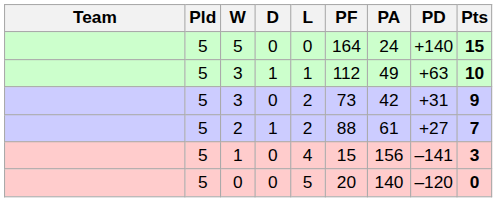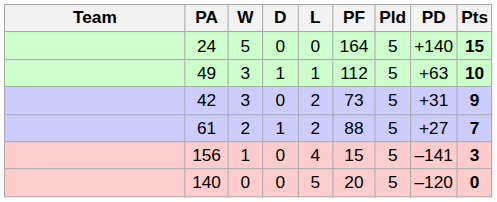 <table class="wikitable" style="text-align:center;">
 <tr>
 <th width=160>Team</th>
-<th width=25 abbr="Played">Pld</th>
+<th width=32 abbr="Points against">PA</th>
 <th width=25 abbr="Won">W</th>
 <th width=25 abbr="Drawn">D</th>
 <th width=25 abbr="Lost">L</th>
 <th width=32 abbr="Points for">PF</th>
-<th width=32 abbr="Points against">PA</th>
+<th width=25 abbr="Played">Pld</th>
 <th width=32 abbr="Points difference">PD</th>
 <th width=25 abbr="Points">Pts</th>
 </tr>
 <tr bgcolor=ccffcc>
 <td align=left></td>
-<td>5</td>
+<td>24</td>
 <td>5</td>
 <td>0</td>
 <td>0</td>
 <td>164</td>
-<td>24</td>
+<td>5</td>
 <td>+140</td>
 <td><strong>15</strong></td>
 </tr>
 <tr bgcolor=ccffcc>
 <td align=left></td>
-<td>5</td>
+<td>49</td>
 <td>3</td>
 <td>1</td>
 <td>1</td>
 <td>112</td>
-<td>49</td>
+<td>5</td>
 <td>+63</td>
 <td><strong>10</strong></td>
 </tr>
 <tr bgcolor=ccccff>
 <td align=left></td>
-<td>5</td>
+<td>42</td>
 <td>3</td>
 <td>0</td>
 <td>2</td>
 <td>73</td>
-<td>42</td>
+<td>5</td>
 <td>+31</td>
 <td><strong>9</strong></td>
 </tr>
 <tr bgcolor=ccccff>
 <td align=left></td>
-<td>5</td>
+<td>61</td>
 <td>2</td>
 <td>1</td>
 <td>2</td>
 <td>88</td>
-<td>61</td>
+<td>5</td>
 <td>+27</td>
 <td><strong>7</strong></td>
 </tr>
 <tr bgcolor=ffcccc>
 <td align=left></td>
-<td>5</td>
+<td>156</td>
 <td>1</td>
 <td>0</td>
 <td>4</td>
 <td>15</td>
-<td>156</td>
+<td>5</td>
 <td>–141</td>
 <td><strong>3</strong></td>
 </tr>
 <tr bgcolor=ffcccc>
 <td align=left></td>
-<td>5</td>
+<td>140</td>
 <td>0</td>
 <td>0</td>
 <td>5</td>
 <td>20</td>
-<td>140</td>
+<td>5</td>
 <td>–120</td>
 <td><strong>0</strong></td>
 </tr>
 </table>
